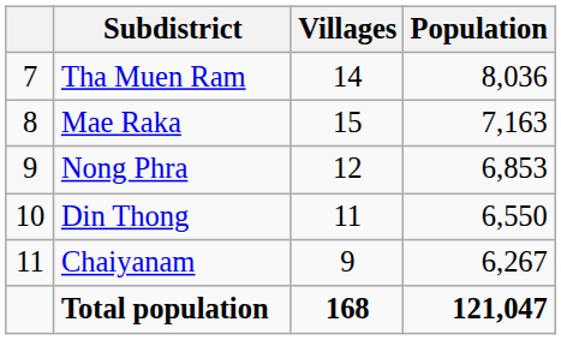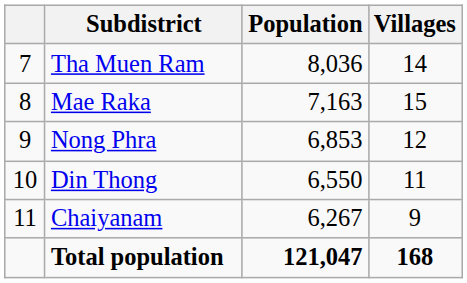 <table class="wikitable" style="width:48%; display:inline-table;">
 <tr>
 <th scope="col" style="width:9%;"> </th>
 <th scope="col" style="width:45%;">Subdistrict</th>
+<th scope="col" style="width:26%;">Population</th>
 <th scope="col" style="width:20%;">Villages</th>
-<th scope="col" style="width:26%;">Population</th>
 </tr>
 <tr>
 <td style="text-align:center;">7</td>
 <td><a href='#'>Tha Muen Ram</a></td>
+<td style="text-align:right;">8,036</td>
 <td style="text-align:center;">14</td>
-<td style="text-align:right;">8,036</td>
 </tr>
 <tr>
 <td style="text-align:center;">8</td>
 <td><a href='#'>Mae Raka</a></td>
+<td style="text-align:right;">7,163</td>
 <td style="text-align:center;">15</td>
-<td style="text-align:right;">7,163</td>
 </tr>
 <tr>
 <td style="text-align:center;">9</td>
 <td><a href='#'>Nong Phra</a></td>
+<td style="text-align:right;">6,853</td>
 <td style="text-align:center;">12</td>
-<td style="text-align:right;">6,853</td>
 </tr>
 <tr>
 <td style="text-align:center;">10</td>
 <td><a href='#'>Din Thong</a></td>
+<td style="text-align:right;">6,550</td>
 <td style="text-align:center;">11</td>
-<td style="text-align:right;">6,550</td>
 </tr>
 <tr>
 <td style="text-align:center;">11</td>
 <td><a href='#'>Chaiyanam</a></td>
+<td style="text-align:right;">6,267</td>
 <td style="text-align:center;">9</td>
-<td style="text-align:right;">6,267</td>
 </tr>
 <tr>
 <td></td>
 <td><strong>Total population</strong></td>
+<td style="text-align:right;"><strong>121,047</strong></td>
 <td style="text-align:center;"><strong>168</strong></td>
-<td style="text-align:right;"><strong>121,047</strong></td>
 </tr>
 </table>
